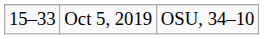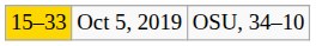 <table class="wikitable">
 <tr align="center">
 </tr>
 <tr align="center">
-<td>15–33</td>
+<td style="background: gold;">15–33</td>
 <td>Oct 5, 2019</td>
 <td>OSU, 34–10</td>
 </tr>
 </table>
